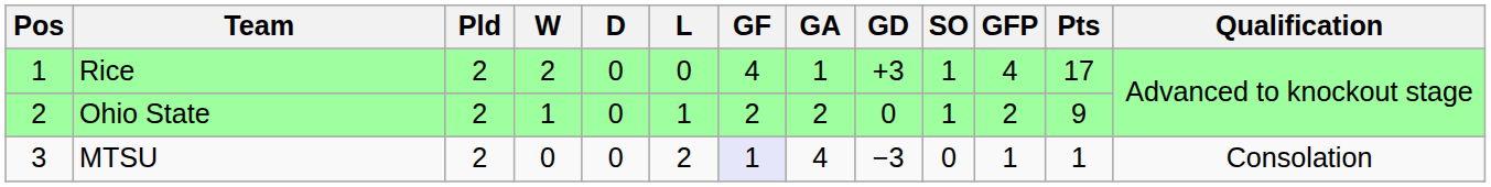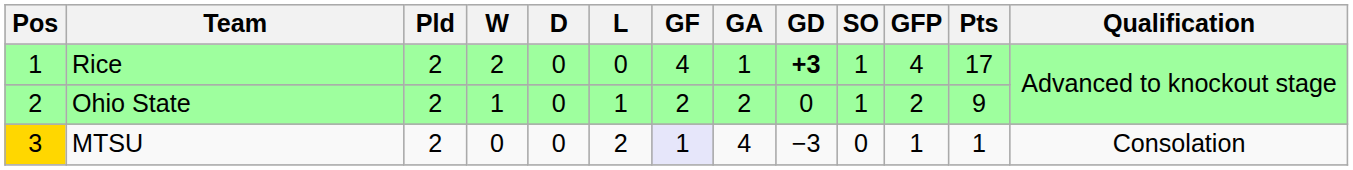 <table class="wikitable" style="text-align:center; margin: 1em auto">
 <tr>
 <th style="width:2em">Pos</th>
 <th style="width:13em">Team</th>
 <th style="width:2em">Pld</th>
 <th style="width:2em">W</th>
 <th style="width:2em">D</th>
 <th style="width:2em">L</th>
 <th style="width:2em">GF</th>
 <th style="width:2em">GA</th>
 <th style="width:2em">GD</th>
 <th>SO</th>
 <th>GFP</th>
 <th style="width:2em">Pts</th>
 <th style="width:13em">Qualification</th>
 </tr>
 <tr bgcolor="#9eff9e">
 <td>1</td>
 <td style="text-align:left">Rice</td>
 <td>2</td>
 <td>2</td>
 <td>0</td>
 <td>0</td>
 <td>4</td>
 <td>1</td>
-<td>+3</td>
+<td><strong>+3</strong></td>
 <td>1</td>
 <td>4</td>
 <td>17</td>
 <td rowspan="2">Advanced to knockout stage</td>
 </tr>
 <tr bgcolor="#9eff9e">
 <td>2</td>
 <td style="text-align:left">Ohio State</td>
 <td>2</td>
 <td>1</td>
 <td>0</td>
 <td>1</td>
 <td>2</td>
 <td>2</td>
 <td>0</td>
 <td>1</td>
 <td>2</td>
 <td>9</td>
 </tr>
 <tr>
-<td>3</td>
+<td style="background: gold;">3</td>
 <td style="text-align:left">MTSU</td>
 <td>2</td>
 <td>0</td>
 <td>0</td>
 <td>2</td>
 <td style="background: lavender;">1</td>
 <td>4</td>
 <td>−3</td>
 <td>0</td>
 <td>1</td>
 <td>1</td>
 <td>Consolation</td>
 </tr>
 </table>
